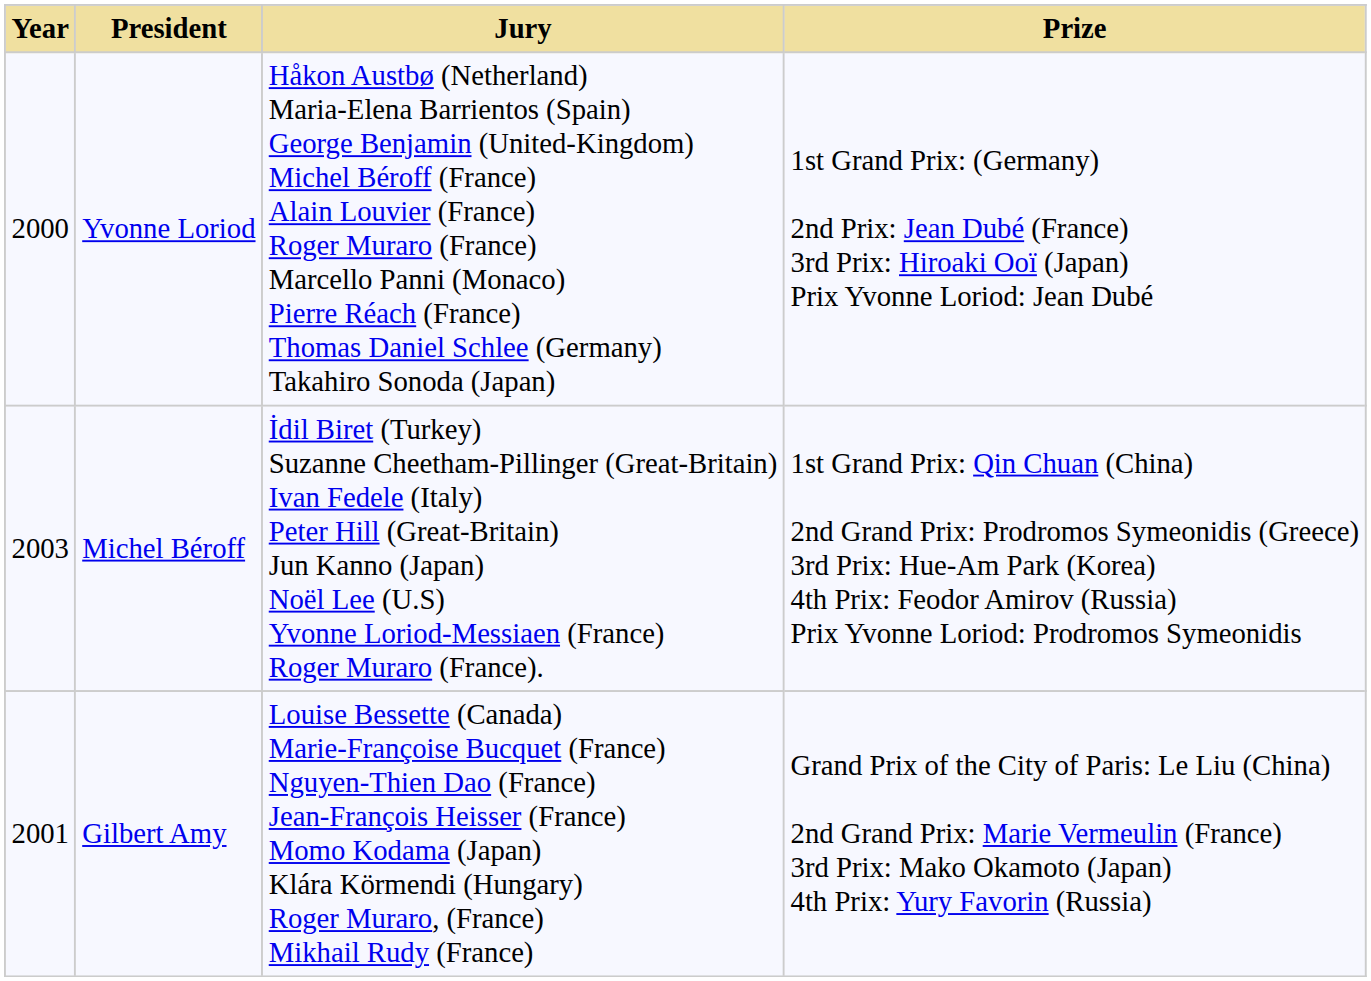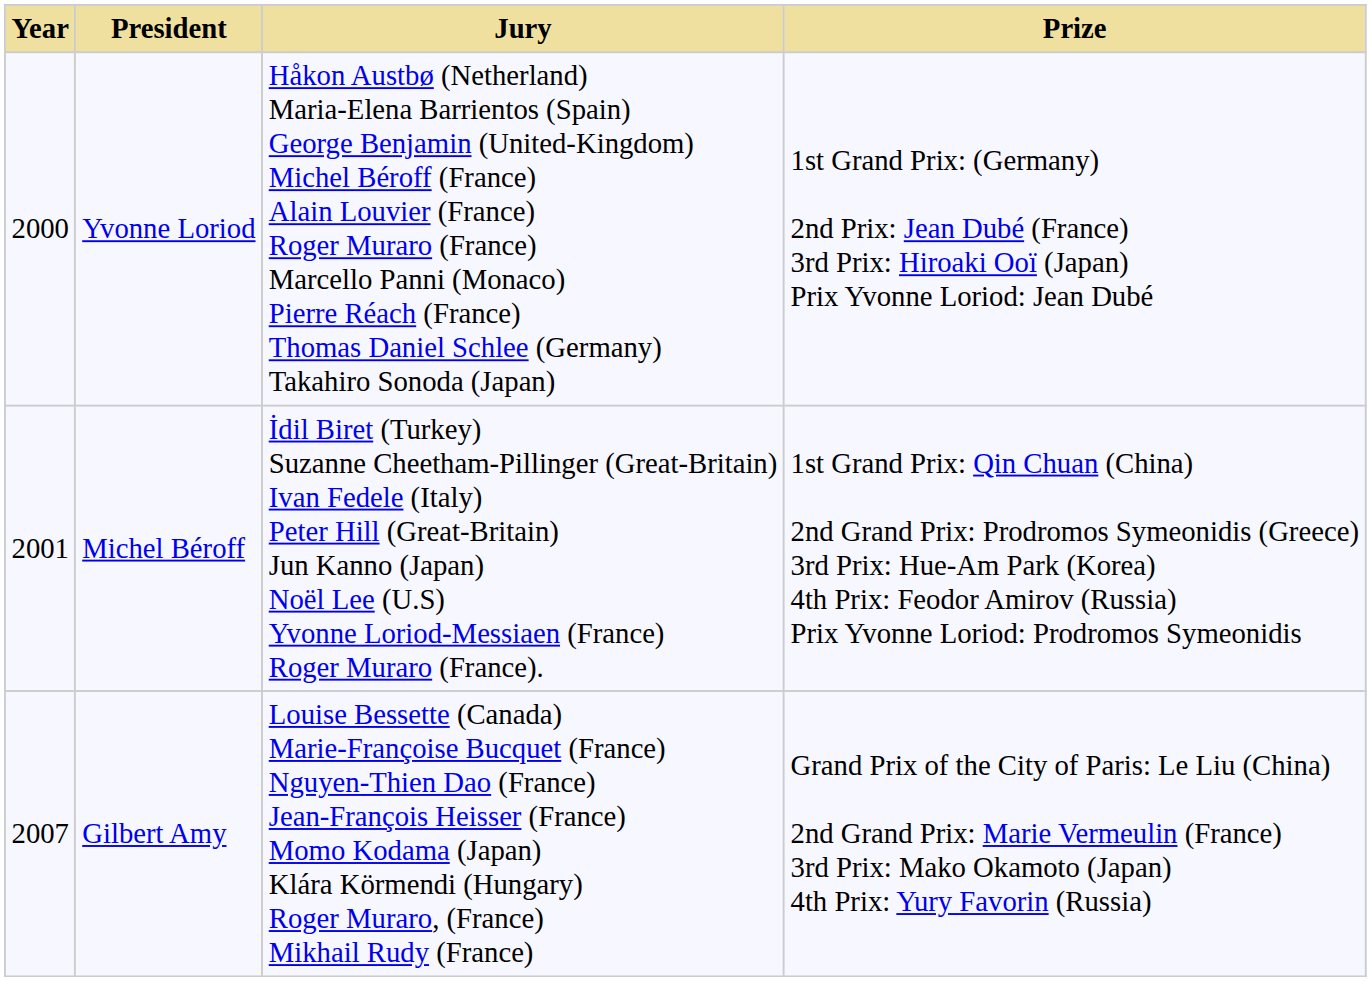 <table bgcolor="#f7f8ff" cellpadding="3" cellspacing="1" border="1" style="font-size: 95%; border: #cccccc solid 1px; border-collapse: collapse;">
 <tr bgcolor="#F0E0A0">
 <th>Year</th>
 <th>President</th>
 <th>Jury</th>
 <th>Prize</th>
 </tr>
 <tr>
 <td>2000</td>
 <td><a href='#'>Yvonne Loriod</a></td>
 <td><a href='#'>Håkon Austbø</a> (Netherland)<br>Maria-Elena Barrientos (Spain)<br><a href='#'>George Benjamin</a> (United-Kingdom)<br><a href='#'>Michel Béroff</a> (France)<br><a href='#'>Alain Louvier</a> (France)<br><a href='#'>Roger Muraro</a> (France)<br>Marcello Panni (Monaco)<br><a href='#'>Pierre Réach</a> (France)<br><a href='#'>Thomas Daniel Schlee</a> (Germany)<br>Takahiro Sonoda (Japan)</td>
 <td>1st Grand Prix:  (Germany) <br><br>2nd Prix: <a href='#'>Jean Dubé</a> (France)  <br> 3rd Prix: <a href='#'>Hiroaki Ooï</a> (Japan)  <br> Prix Yvonne Loriod: Jean Dubé</td>
 </tr>
 <tr>
-<td>2003</td>
+<td>2001</td>
 <td><a href='#'>Michel Béroff</a></td>
 <td><a href='#'>İdil Biret</a> (Turkey)<br>Suzanne Cheetham-Pillinger (Great-Britain)<br><a href='#'>Ivan Fedele</a> (Italy)<br><a href='#'>Peter Hill</a> (Great-Britain)<br>Jun Kanno (Japan)<br><a href='#'>Noël Lee</a> (U.S)<br><a href='#'>Yvonne Loriod-Messiaen</a> (France)<br><a href='#'>Roger Muraro</a> (France).</td>
 <td>1st Grand Prix: <a href='#'>Qin Chuan</a> (China)<br><br>2nd Grand Prix: Prodromos Symeonidis (Greece) <br> 3rd Prix: Hue-Am Park (Korea) <br> 4th Prix: Feodor Amirov (Russia) <br> Prix Yvonne Loriod: Prodromos Symeonidis</td>
 </tr>
 <tr>
-<td>2001</td>
+<td>2007</td>
 <td><a href='#'>Gilbert Amy</a></td>
 <td><a href='#'>Louise Bessette</a> (Canada)<br><a href='#'>Marie-Françoise Bucquet</a> (France)<br><a href='#'>Nguyen-Thien Dao</a> (France)<br><a href='#'>Jean-François Heisser</a> (France)<br><a href='#'>Momo Kodama</a> (Japan)<br>Klára Körmendi (Hungary)<br><a href='#'>Roger Muraro</a>, (France)<br><a href='#'>Mikhail Rudy</a> (France)</td>
 <td>Grand Prix of the City of Paris: Le Liu (China) <br><br>2nd Grand Prix: <a href='#'>Marie Vermeulin</a> (France) <br> 3rd Prix: Mako Okamoto (Japan) <br> 4th Prix: <a href='#'>Yury Favorin</a> (Russia)</td>
 </tr>
 </table>
